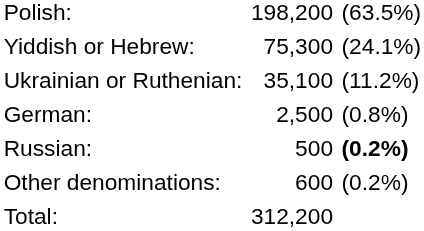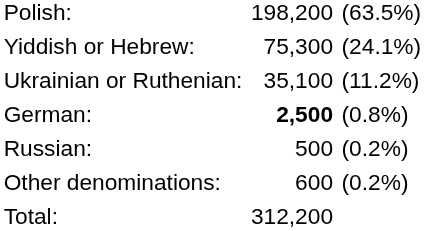 <table cellpadding=2 style="background:transparent;">
 <tr>
 <td>Polish:</td>
 <td style="text-align:right">198,200</td>
 <td>(63.5%)</td>
 </tr>
 <tr>
 <td>Yiddish or Hebrew:</td>
 <td style="text-align:right">75,300</td>
 <td>(24.1%)</td>
 </tr>
 <tr>
 <td>Ukrainian or Ruthenian:</td>
 <td style="text-align:right">35,100</td>
 <td>(11.2%)</td>
 </tr>
 <tr>
 <td>German:</td>
-<td style="text-align:right">2,500</td>
+<td style="text-align:right"><strong>2,500</strong></td>
 <td>(0.8%)</td>
 </tr>
 <tr>
 <td>Russian:</td>
 <td style="text-align:right">500</td>
-<td><strong>(0.2%)</strong></td>
+<td>(0.2%)</td>
 </tr>
 <tr>
 <td>Other denominations:</td>
 <td style="text-align:right">600</td>
 <td>(0.2%)</td>
 </tr>
 <tr>
 <td>Total:</td>
 <td style="text-align:right">312,200</td>
 </tr>
 </table>
